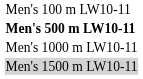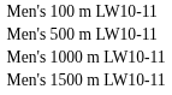 <table>
 <tr>
 <td>Men's 100 m LW10-11<br></td>
 <td></td>
 <td></td>
 <td></td>
 </tr>
 <tr>
-<td><strong>Men's 500 m LW10-11<br></strong></td>
+<td>Men's 500 m LW10-11<br></td>
 <td></td>
 <td></td>
 <td></td>
 </tr>
 <tr>
 <td>Men's 1000 m LW10-11<br></td>
 <td></td>
 <td></td>
 <td></td>
 </tr>
 <tr>
-<td style="background: lightgrey;">Men's 1500 m LW10-11<br></td>
+<td>Men's 1500 m LW10-11<br></td>
 <td></td>
 <td></td>
 <td></td>
 </tr>
 </table>
